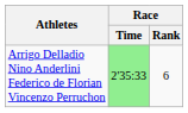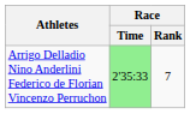 <table class="wikitable" border="1" style="font-size:90%">
 <tr>
 <th rowspan=2>Athletes</th>
 <th colspan=2>Race</th>
 </tr>
 <tr>
 <th>Time</th>
 <th>Rank</th>
 </tr>
 <tr>
 <td><a href='#'>Arrigo Delladio</a><br><a href='#'>Nino Anderlini</a><br><a href='#'>Federico de Florian</a><br><a href='#'>Vincenzo Perruchon</a></td>
 <td align=center style="background: lightgreen;">2'35:33</td>
-<td align=center>6</td>
+<td align=center>7</td>
 </tr>
 </table>
